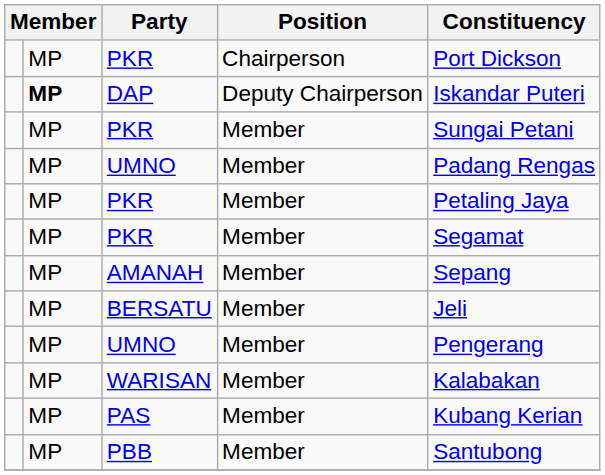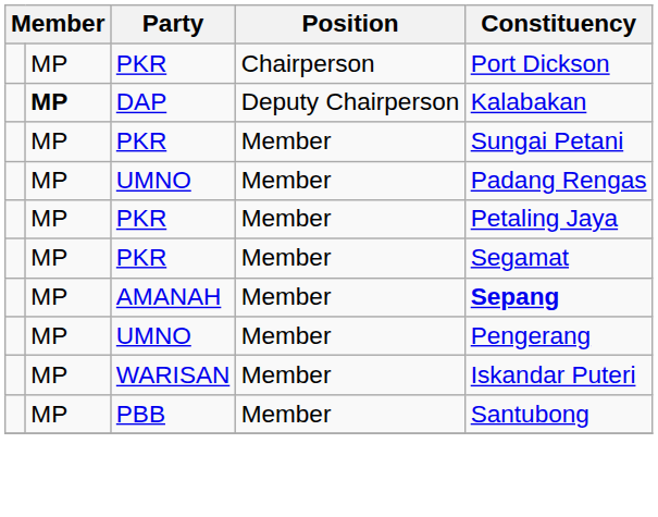 <table class="sortable wikitable">
 <tr>
 <th colspan="2" valign="top">Member</th>
 <th valign="top">Party</th>
 <th valign="top">Position</th>
 <th valign="top">Constituency</th>
 </tr>
 <tr>
 <td></td>
 <td> MP</td>
 <td><a href='#'>PKR</a></td>
 <td>Chairperson</td>
 <td><a href='#'>Port Dickson</a></td>
 </tr>
 <tr>
 <td></td>
 <td><strong> MP</strong></td>
 <td><a href='#'>DAP</a></td>
 <td>Deputy Chairperson</td>
-<td><a href='#'>Iskandar Puteri</a></td>
+<td><a href='#'>Kalabakan</a></td>
 </tr>
 <tr>
 <td></td>
 <td> MP</td>
 <td><a href='#'>PKR</a></td>
 <td>Member</td>
 <td><a href='#'>Sungai Petani</a></td>
 </tr>
 <tr>
 <td></td>
 <td> MP</td>
 <td><a href='#'>UMNO</a></td>
 <td>Member</td>
 <td><a href='#'>Padang Rengas</a></td>
 </tr>
 <tr>
 <td></td>
 <td> MP</td>
 <td><a href='#'>PKR</a></td>
 <td>Member</td>
 <td><a href='#'>Petaling Jaya</a></td>
 </tr>
 <tr>
 <td></td>
 <td> MP</td>
 <td><a href='#'>PKR</a></td>
 <td>Member</td>
 <td><a href='#'>Segamat</a></td>
 </tr>
 <tr>
 <td></td>
 <td> MP</td>
 <td><a href='#'>AMANAH</a></td>
 <td>Member</td>
-<td><a href='#'>Sepang</a></td>
-</tr>
-<tr>
-<td></td>
-<td> MP</td>
-<td><a href='#'>BERSATU</a></td>
-<td>Member</td>
-<td><a href='#'>Jeli</a></td>
+<td><strong><a href='#'>Sepang</a></strong></td>
 </tr>
 <tr>
 <td></td>
 <td> MP</td>
 <td><a href='#'>UMNO</a></td>
 <td>Member</td>
 <td><a href='#'>Pengerang</a></td>
 </tr>
 <tr>
 <td></td>
 <td> MP</td>
 <td><a href='#'>WARISAN</a></td>
 <td>Member</td>
-<td><a href='#'>Kalabakan</a></td>
-</tr>
-<tr>
-<td></td>
-<td> MP</td>
-<td><a href='#'>PAS</a></td>
-<td>Member</td>
-<td><a href='#'>Kubang Kerian</a></td>
+<td><a href='#'>Iskandar Puteri</a></td>
 </tr>
 <tr>
 <td></td>
 <td> MP</td>
 <td><a href='#'>PBB</a></td>
 <td>Member</td>
 <td><a href='#'>Santubong</a></td>
 </tr>
 <tr>
 </tr>
 </table>
